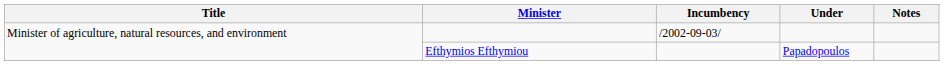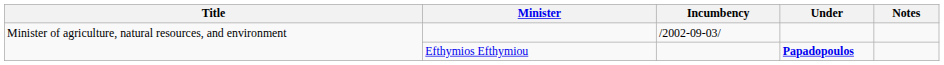 <table class="wikitable" style="width:100%;">
 <tr>
 <th>Title</th>
 <th style="width:25%;"><a href='#'>Minister</a></th>
 <th style="width:160px;">Incumbency</th>
 <th style="width:10%;">Under</th>
 <th style="width:7%;">Notes</th>
 </tr>
 <tr>
 <td rowspan="2" style="vertical-align:top;">Minister of agriculture, natural resources, and environment</td>
 <td></td>
 <td>/2002-09-03/</td>
 <td></td>
 <td></td>
 </tr>
 <tr>
 <td><a href='#'>Efthymios Efthymiou</a></td>
 <td></td>
-<td><a href='#'>Papadopoulos</a></td>
+<td><strong><a href='#'>Papadopoulos</a></strong></td>
 <td></td>
 </tr>
 </table>
